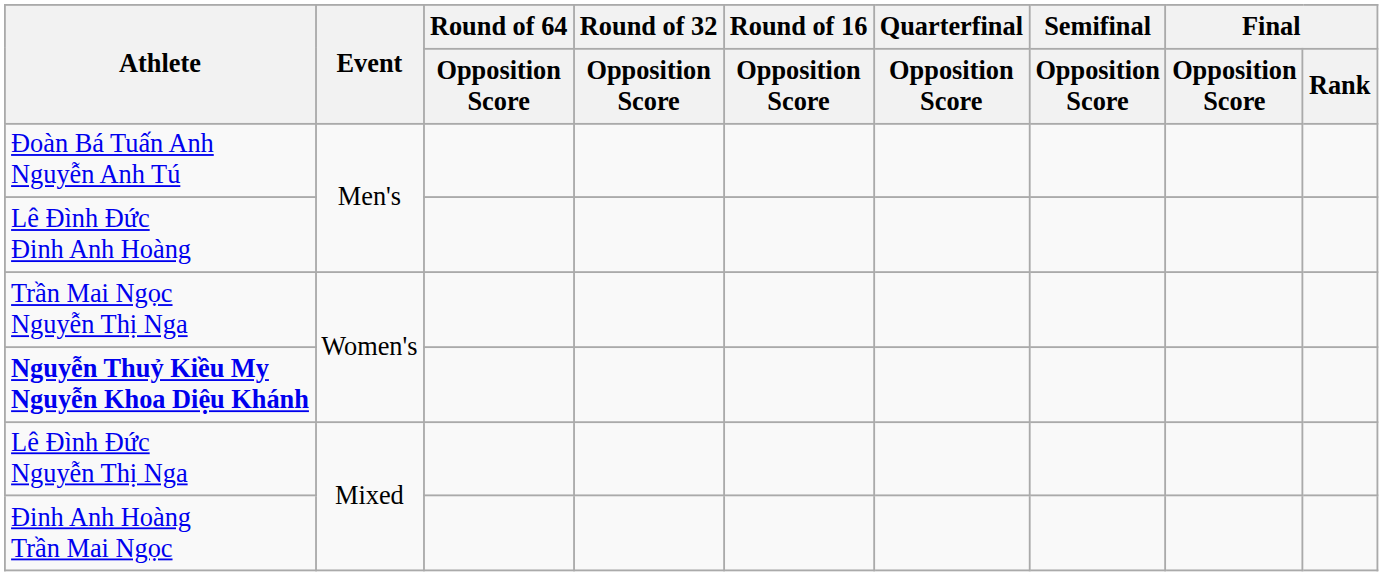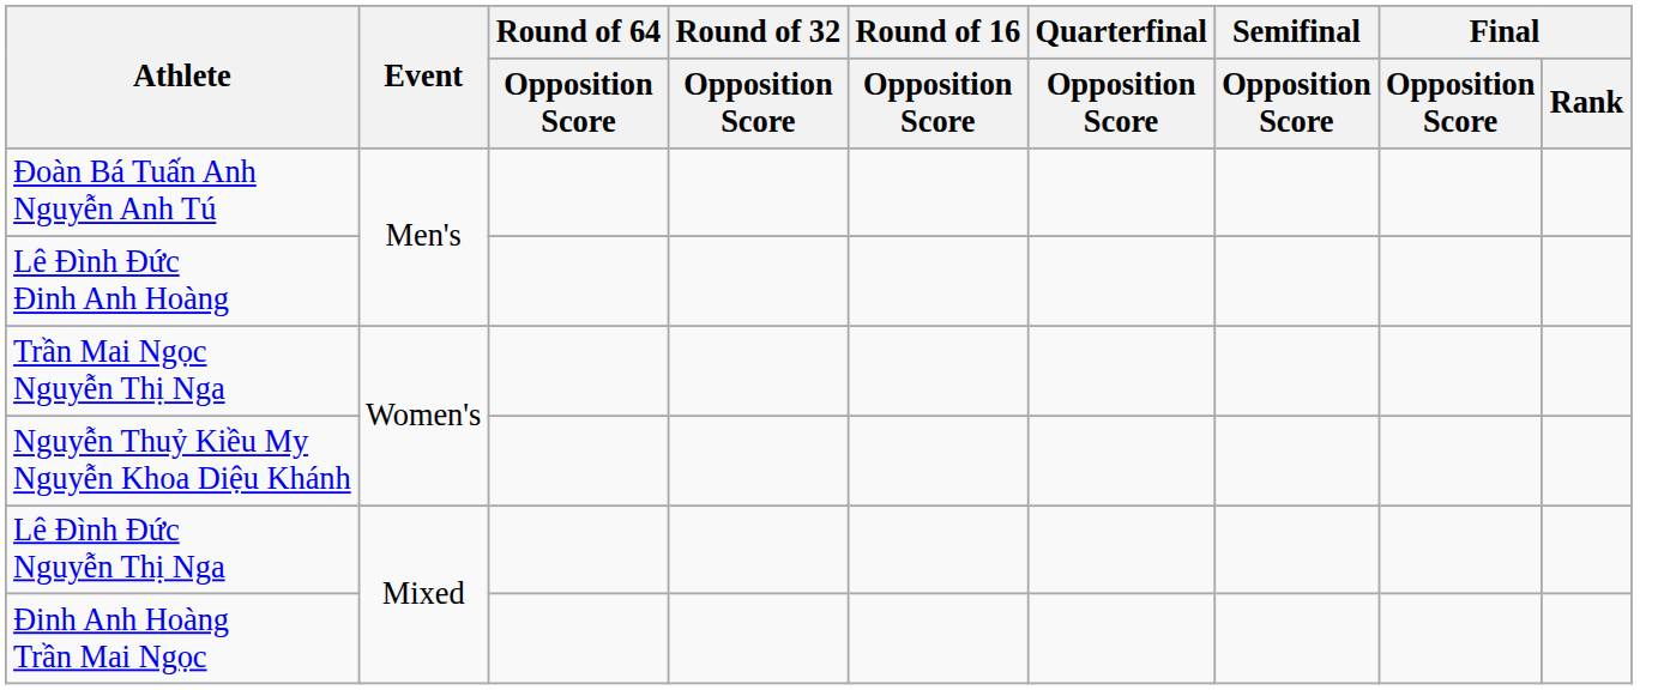 <table class=wikitable style=font-size:90%;text-align:center>
 <tr>
 <th rowspan="2">Athlete</th>
 <th rowspan="2">Event</th>
 <th>Round of 64</th>
 <th>Round of 32</th>
 <th>Round of 16</th>
 <th>Quarterfinal</th>
 <th>Semifinal</th>
 <th colspan="2">Final</th>
 </tr>
 <tr>
 <th>Opposition<br>Score</th>
 <th>Opposition<br>Score</th>
 <th>Opposition<br>Score</th>
 <th>Opposition<br>Score</th>
 <th>Opposition<br>Score</th>
 <th>Opposition<br>Score</th>
 <th>Rank</th>
 </tr>
 <tr>
 <td align=left><a href='#'>Đoàn Bá Tuấn Anh</a><br><a href='#'>Nguyễn Anh Tú</a></td>
 <td rowspan="2">Men's</td>
 <td></td>
 <td></td>
 <td></td>
 <td></td>
 <td></td>
 <td></td>
 <td></td>
 </tr>
 <tr>
 <td align=left><a href='#'>Lê Đình Đức</a><br><a href='#'>Đinh Anh Hoàng</a></td>
 <td></td>
 <td></td>
 <td></td>
 <td></td>
 <td></td>
 <td></td>
 <td></td>
 </tr>
 <tr>
 <td align=left><a href='#'>Trần Mai Ngọc</a><br><a href='#'>Nguyễn Thị Nga</a></td>
 <td rowspan="2">Women's</td>
 <td></td>
 <td></td>
 <td></td>
 <td></td>
 <td></td>
 <td></td>
 <td></td>
 </tr>
 <tr>
-<td align=left><strong><a href='#'>Nguyễn Thuỷ Kiều My</a><br><a href='#'>Nguyễn Khoa Diệu Khánh</a></strong></td>
+<td align=left><a href='#'>Nguyễn Thuỷ Kiều My</a><br><a href='#'>Nguyễn Khoa Diệu Khánh</a></td>
 <td></td>
 <td></td>
 <td></td>
 <td></td>
 <td></td>
 <td></td>
 <td></td>
 </tr>
 <tr>
 <td align=left><a href='#'>Lê Đình Đức</a><br><a href='#'>Nguyễn Thị Nga</a></td>
 <td rowspan="2">Mixed</td>
 <td></td>
 <td></td>
 <td></td>
 <td></td>
 <td></td>
 <td></td>
 <td></td>
 </tr>
 <tr>
 <td align="left"><a href='#'>Đinh Anh Hoàng</a><br><a href='#'>Trần Mai Ngọc</a></td>
 <td></td>
 <td></td>
 <td></td>
 <td></td>
 <td></td>
 <td></td>
 <td></td>
 </tr>
 </table>
